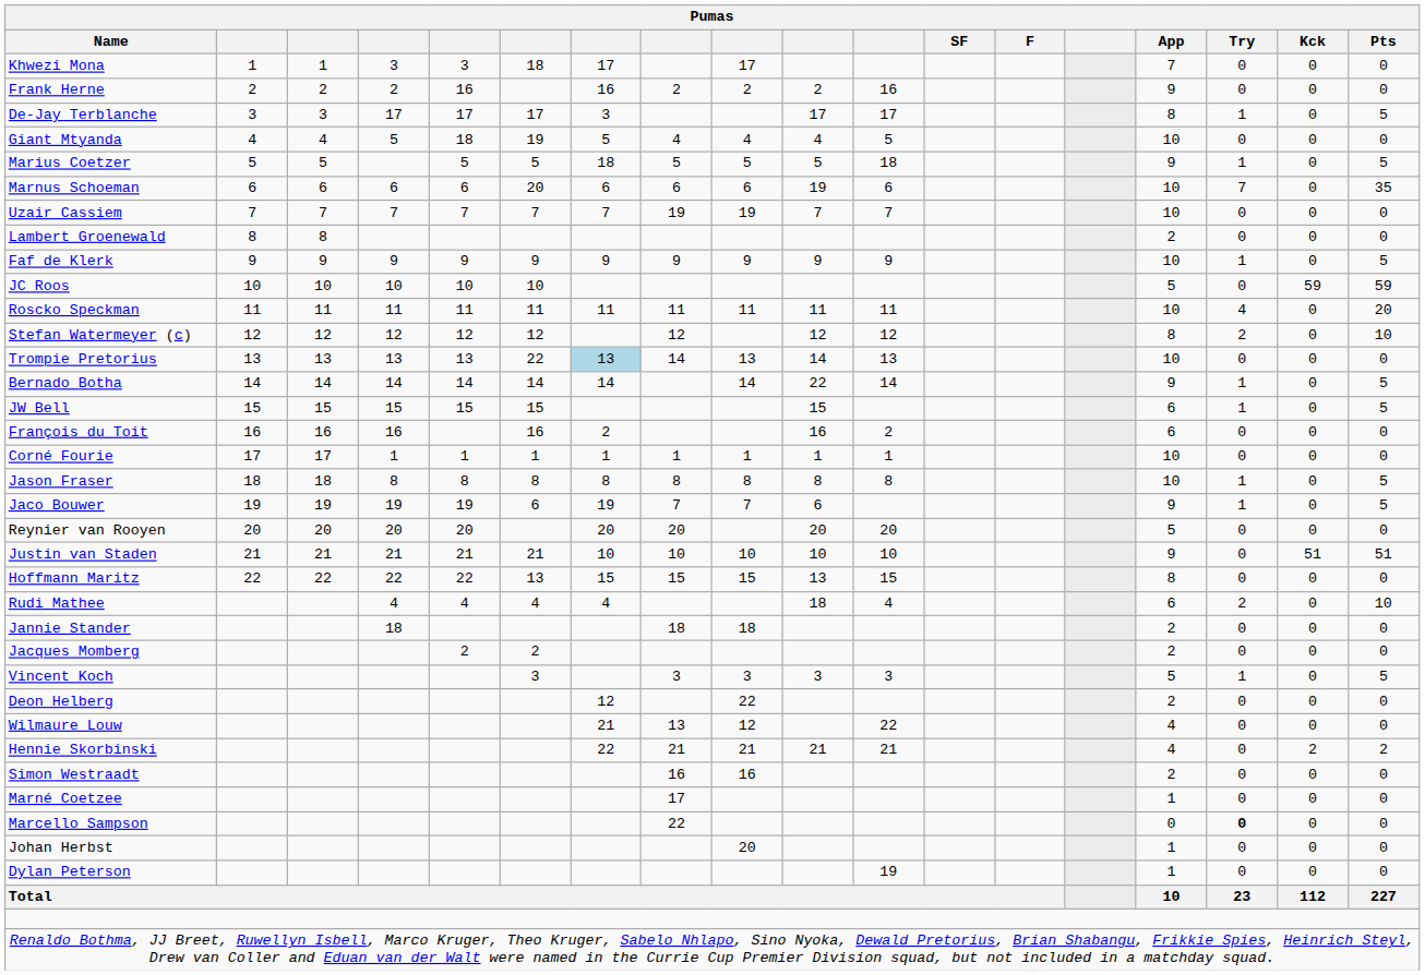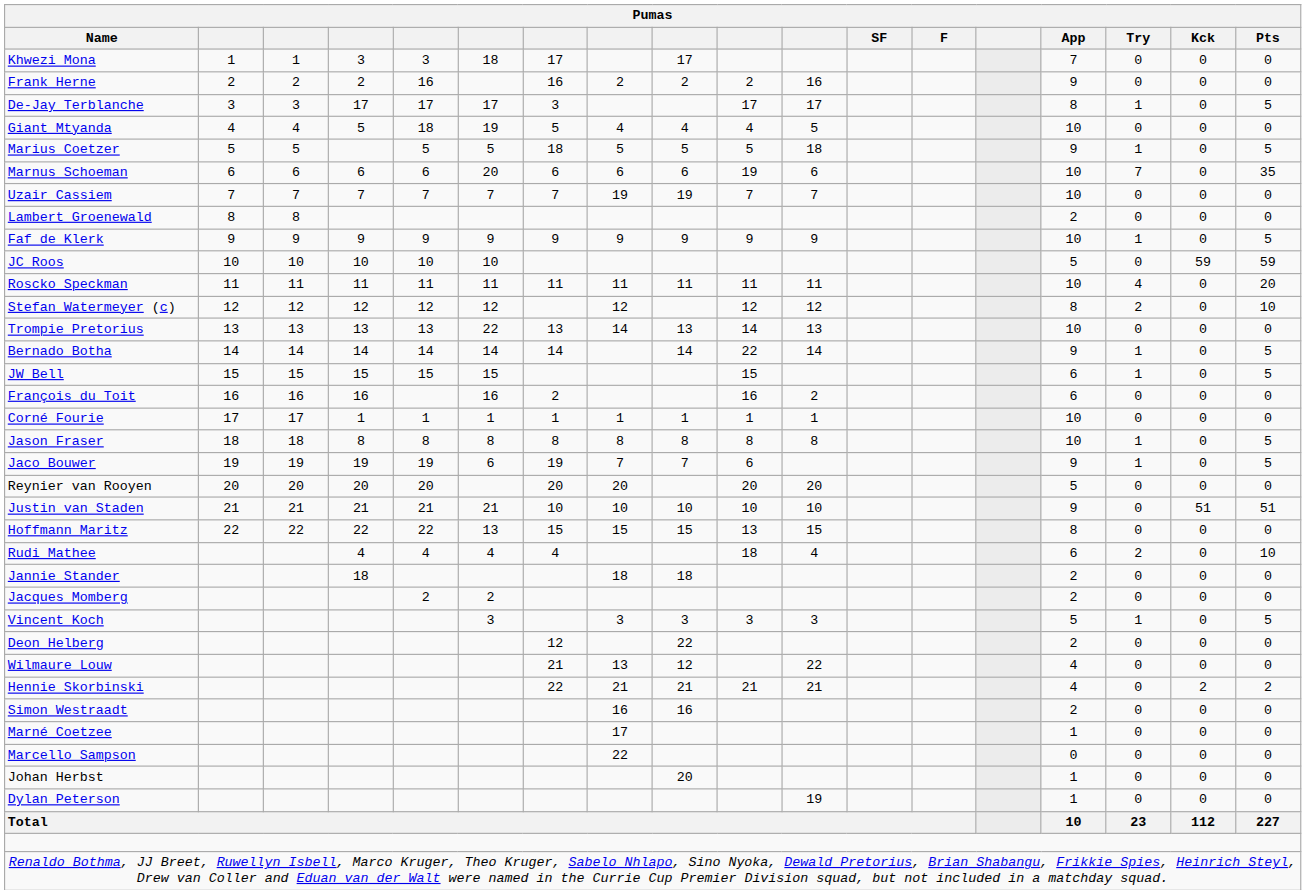 <table class="wikitable collapsible collapsed sortable" style="text-align:center; font-size:90%; width:90%">
 <tr>
 <th colspan="100%">Pumas</th>
 </tr>
 <tr>
 <th style="width:15%;">Name</th>
 <th style="width:5%;"></th>
 <th style="width:5%;"></th>
 <th style="width:5%;"></th>
 <th style="width:5%;"></th>
 <th style="width:5%;"></th>
 <th style="width:5%;"></th>
 <th style="width:5%;"></th>
 <th style="width:5%;"></th>
 <th style="width:5%;"></th>
 <th style="width:5%;"></th>
 <th style="width:5%;">SF</th>
 <th style="width:5%;">F</th>
 <th style="width:5%;"></th>
 <th style="width:5%;">App</th>
 <th style="width:5%;">Try</th>
 <th style="width:5%;">Kck</th>
 <th style="width:5%;">Pts</th>
 </tr>
 <tr>
 <td style="text-align:left;"><a href='#'>Khwezi Mona</a></td>
 <td>1</td>
 <td>1</td>
 <td>3</td>
 <td>3</td>
 <td>18 </td>
 <td>17 </td>
 <td></td>
 <td>17 </td>
 <td></td>
 <td></td>
 <td></td>
 <td></td>
 <td style="background:#ECECEC;"></td>
 <td>7</td>
 <td>0</td>
 <td>0</td>
 <td>0</td>
 </tr>
 <tr>
 <td style="text-align:left;"><a href='#'>Frank Herne</a></td>
 <td>2</td>
 <td>2</td>
 <td>2</td>
 <td>16 </td>
 <td></td>
 <td>16 </td>
 <td>2</td>
 <td>2</td>
 <td>2</td>
 <td>16 </td>
 <td></td>
 <td></td>
 <td style="background:#ECECEC;"></td>
 <td>9</td>
 <td>0</td>
 <td>0</td>
 <td>0</td>
 </tr>
 <tr>
 <td style="text-align:left;"><a href='#'>De-Jay Terblanche</a></td>
 <td>3</td>
 <td>3</td>
 <td>17 </td>
 <td>17 </td>
 <td>17 </td>
 <td>3</td>
 <td></td>
 <td></td>
 <td>17 </td>
 <td>17 </td>
 <td></td>
 <td></td>
 <td style="background:#ECECEC;"></td>
 <td>8</td>
 <td>1</td>
 <td>0</td>
 <td>5</td>
 </tr>
 <tr>
 <td style="text-align:left;"><a href='#'>Giant Mtyanda</a></td>
 <td>4</td>
 <td>4</td>
 <td>5</td>
 <td>18 </td>
 <td>19 </td>
 <td>5</td>
 <td>4</td>
 <td>4</td>
 <td>4</td>
 <td>5</td>
 <td></td>
 <td></td>
 <td style="background:#ECECEC;"></td>
 <td>10</td>
 <td>0</td>
 <td>0</td>
 <td>0</td>
 </tr>
 <tr>
 <td style="text-align:left;"><a href='#'>Marius Coetzer</a></td>
 <td>5</td>
 <td>5</td>
 <td></td>
 <td>5</td>
 <td>5</td>
 <td>18 </td>
 <td>5</td>
 <td>5</td>
 <td>5</td>
 <td>18 </td>
 <td></td>
 <td></td>
 <td style="background:#ECECEC;"></td>
 <td>9</td>
 <td>1</td>
 <td>0</td>
 <td>5</td>
 </tr>
 <tr>
 <td style="text-align:left;"><a href='#'>Marnus Schoeman</a></td>
 <td>6</td>
 <td>6</td>
 <td>6</td>
 <td>6</td>
 <td>20 </td>
 <td>6</td>
 <td>6</td>
 <td>6</td>
 <td>19 </td>
 <td>6</td>
 <td></td>
 <td></td>
 <td style="background:#ECECEC;"></td>
 <td>10</td>
 <td>7</td>
 <td>0</td>
 <td>35</td>
 </tr>
 <tr>
 <td style="text-align:left;"><a href='#'>Uzair Cassiem</a></td>
 <td>7</td>
 <td>7</td>
 <td>7</td>
 <td>7</td>
 <td>7</td>
 <td>7</td>
 <td>19 </td>
 <td>19 </td>
 <td>7</td>
 <td>7</td>
 <td></td>
 <td></td>
 <td style="background:#ECECEC;"></td>
 <td>10</td>
 <td>0</td>
 <td>0</td>
 <td>0</td>
 </tr>
 <tr>
 <td style="text-align:left;"><a href='#'>Lambert Groenewald</a></td>
 <td>8</td>
 <td>8</td>
 <td></td>
 <td></td>
 <td></td>
 <td></td>
 <td></td>
 <td></td>
 <td></td>
 <td></td>
 <td></td>
 <td></td>
 <td style="background:#ECECEC;"></td>
 <td>2</td>
 <td>0</td>
 <td>0</td>
 <td>0</td>
 </tr>
 <tr>
 <td style="text-align:left;"><a href='#'>Faf de Klerk</a></td>
 <td>9</td>
 <td>9</td>
 <td>9</td>
 <td>9</td>
 <td>9</td>
 <td>9</td>
 <td>9</td>
 <td>9</td>
 <td>9</td>
 <td>9</td>
 <td></td>
 <td></td>
 <td style="background:#ECECEC;"></td>
 <td>10</td>
 <td>1</td>
 <td>0</td>
 <td>5</td>
 </tr>
 <tr>
 <td style="text-align:left;"><a href='#'>JC Roos</a></td>
 <td>10</td>
 <td>10</td>
 <td>10</td>
 <td>10</td>
 <td>10</td>
 <td></td>
 <td></td>
 <td></td>
 <td></td>
 <td></td>
 <td></td>
 <td></td>
 <td style="background:#ECECEC;"></td>
 <td>5</td>
 <td>0</td>
 <td>59</td>
 <td>59</td>
 </tr>
 <tr>
 <td style="text-align:left;"><a href='#'>Roscko Speckman</a></td>
 <td>11</td>
 <td>11</td>
 <td>11</td>
 <td>11</td>
 <td>11</td>
 <td>11</td>
 <td>11</td>
 <td>11</td>
 <td>11</td>
 <td>11</td>
 <td></td>
 <td></td>
 <td style="background:#ECECEC;"></td>
 <td>10</td>
 <td>4</td>
 <td>0</td>
 <td>20</td>
 </tr>
 <tr>
 <td style="text-align:left;"><a href='#'>Stefan Watermeyer</a> (<a href='#'>c</a>)</td>
 <td>12</td>
 <td>12</td>
 <td>12</td>
 <td>12</td>
 <td>12</td>
 <td></td>
 <td>12</td>
 <td></td>
 <td>12</td>
 <td>12</td>
 <td></td>
 <td></td>
 <td style="background:#ECECEC;"></td>
 <td>8</td>
 <td>2</td>
 <td>0</td>
 <td>10</td>
 </tr>
 <tr>
 <td style="text-align:left;"><a href='#'>Trompie Pretorius</a></td>
 <td>13</td>
 <td>13</td>
 <td>13</td>
 <td>13</td>
 <td>22 </td>
-<td style="background: lightblue;">13</td>
+<td>13</td>
 <td>14</td>
 <td>13</td>
 <td>14</td>
 <td>13</td>
 <td></td>
 <td></td>
 <td style="background:#ECECEC;"></td>
 <td>10</td>
 <td>0</td>
 <td>0</td>
 <td>0</td>
 </tr>
 <tr>
 <td style="text-align:left;"><a href='#'>Bernado Botha</a></td>
 <td>14</td>
 <td>14</td>
 <td>14</td>
 <td>14</td>
 <td>14</td>
 <td>14</td>
 <td></td>
 <td>14</td>
 <td>22 </td>
 <td>14</td>
 <td></td>
 <td></td>
 <td style="background:#ECECEC;"></td>
 <td>9</td>
 <td>1</td>
 <td>0</td>
 <td>5</td>
 </tr>
 <tr>
 <td style="text-align:left;"><a href='#'>JW Bell</a></td>
 <td>15</td>
 <td>15</td>
 <td>15</td>
 <td>15</td>
 <td>15</td>
 <td></td>
 <td></td>
 <td></td>
 <td>15</td>
 <td></td>
 <td></td>
 <td></td>
 <td style="background:#ECECEC;"></td>
 <td>6</td>
 <td>1</td>
 <td>0</td>
 <td>5</td>
 </tr>
 <tr>
 <td style="text-align:left;"><a href='#'>François du Toit</a></td>
 <td>16 </td>
 <td>16</td>
 <td>16 </td>
 <td></td>
 <td>16 </td>
 <td>2</td>
 <td></td>
 <td></td>
 <td>16 </td>
 <td>2</td>
 <td></td>
 <td></td>
 <td style="background:#ECECEC;"></td>
 <td>6</td>
 <td>0</td>
 <td>0</td>
 <td>0</td>
 </tr>
 <tr>
 <td style="text-align:left;"><a href='#'>Corné Fourie</a></td>
 <td>17 </td>
 <td>17 </td>
 <td>1</td>
 <td>1</td>
 <td>1</td>
 <td>1</td>
 <td>1</td>
 <td>1</td>
 <td>1</td>
 <td>1</td>
 <td></td>
 <td></td>
 <td style="background:#ECECEC;"></td>
 <td>10</td>
 <td>0</td>
 <td>0</td>
 <td>0</td>
 </tr>
 <tr>
 <td style="text-align:left;"><a href='#'>Jason Fraser</a></td>
 <td>18 </td>
 <td>18 </td>
 <td>8</td>
 <td>8</td>
 <td>8</td>
 <td>8</td>
 <td>8</td>
 <td>8</td>
 <td>8</td>
 <td>8</td>
 <td></td>
 <td></td>
 <td style="background:#ECECEC;"></td>
 <td>10</td>
 <td>1</td>
 <td>0</td>
 <td>5</td>
 </tr>
 <tr>
 <td style="text-align:left;"><a href='#'>Jaco Bouwer</a></td>
 <td>19 </td>
 <td>19 </td>
 <td>19 </td>
 <td>19 </td>
 <td>6</td>
 <td>19 </td>
 <td>7</td>
 <td>7</td>
 <td>6</td>
 <td></td>
 <td></td>
 <td></td>
 <td style="background:#ECECEC;"></td>
 <td>9</td>
 <td>1</td>
 <td>0</td>
 <td>5</td>
 </tr>
 <tr>
 <td style="text-align:left;">Reynier van Rooyen</td>
 <td>20 </td>
 <td>20</td>
 <td>20</td>
 <td>20 </td>
 <td></td>
 <td>20 </td>
 <td>20 </td>
 <td></td>
 <td>20</td>
 <td>20 </td>
 <td></td>
 <td></td>
 <td style="background:#ECECEC;"></td>
 <td>5</td>
 <td>0</td>
 <td>0</td>
 <td>0</td>
 </tr>
 <tr>
 <td style="text-align:left;"><a href='#'>Justin van Staden</a></td>
 <td>21</td>
 <td>21 </td>
 <td>21 </td>
 <td>21 </td>
 <td>21 </td>
 <td>10</td>
 <td>10</td>
 <td>10</td>
 <td>10</td>
 <td>10</td>
 <td></td>
 <td></td>
 <td style="background:#ECECEC;"></td>
 <td>9</td>
 <td>0</td>
 <td>51</td>
 <td>51</td>
 </tr>
 <tr>
 <td style="text-align:left;"><a href='#'>Hoffmann Maritz</a></td>
 <td>22</td>
 <td>22</td>
 <td>22 </td>
 <td>22 </td>
 <td>13</td>
 <td>15</td>
 <td>15</td>
 <td>15</td>
 <td>13</td>
 <td>15</td>
 <td></td>
 <td></td>
 <td style="background:#ECECEC;"></td>
 <td>8</td>
 <td>0</td>
 <td>0</td>
 <td>0</td>
 </tr>
 <tr>
 <td style="text-align:left;"><a href='#'>Rudi Mathee</a></td>
 <td></td>
 <td></td>
 <td>4</td>
 <td>4</td>
 <td>4</td>
 <td>4</td>
 <td></td>
 <td></td>
 <td>18 </td>
 <td>4</td>
 <td></td>
 <td></td>
 <td style="background:#ECECEC;"></td>
 <td>6</td>
 <td>2</td>
 <td>0</td>
 <td>10</td>
 </tr>
 <tr>
 <td style="text-align:left;"><a href='#'>Jannie Stander</a></td>
 <td></td>
 <td></td>
 <td>18</td>
 <td></td>
 <td></td>
 <td></td>
 <td>18 </td>
 <td>18 </td>
 <td></td>
 <td></td>
 <td></td>
 <td></td>
 <td style="background:#ECECEC;"></td>
 <td>2</td>
 <td>0</td>
 <td>0</td>
 <td>0</td>
 </tr>
 <tr>
 <td style="text-align:left;"><a href='#'>Jacques Momberg</a></td>
 <td></td>
 <td></td>
 <td></td>
 <td>2</td>
 <td>2</td>
 <td></td>
 <td></td>
 <td></td>
 <td></td>
 <td></td>
 <td></td>
 <td></td>
 <td style="background:#ECECEC;"></td>
 <td>2</td>
 <td>0</td>
 <td>0</td>
 <td>0</td>
 </tr>
 <tr>
 <td style="text-align:left;"><a href='#'>Vincent Koch</a></td>
 <td></td>
 <td></td>
 <td></td>
 <td></td>
 <td>3</td>
 <td></td>
 <td>3</td>
 <td>3</td>
 <td>3</td>
 <td>3</td>
 <td></td>
 <td></td>
 <td style="background:#ECECEC;"></td>
 <td>5</td>
 <td>1</td>
 <td>0</td>
 <td>5</td>
 </tr>
 <tr>
 <td style="text-align:left;"><a href='#'>Deon Helberg</a></td>
 <td></td>
 <td></td>
 <td></td>
 <td></td>
 <td></td>
 <td>12</td>
 <td></td>
 <td>22 </td>
 <td></td>
 <td></td>
 <td></td>
 <td></td>
 <td style="background:#ECECEC;"></td>
 <td>2</td>
 <td>0</td>
 <td>0</td>
 <td>0</td>
 </tr>
 <tr>
 <td style="text-align:left;"><a href='#'>Wilmaure Louw</a></td>
 <td></td>
 <td></td>
 <td></td>
 <td></td>
 <td></td>
 <td>21 </td>
 <td>13</td>
 <td>12</td>
 <td></td>
 <td>22 </td>
 <td></td>
 <td></td>
 <td style="background:#ECECEC;"></td>
 <td>4</td>
 <td>0</td>
 <td>0</td>
 <td>0</td>
 </tr>
 <tr>
 <td style="text-align:left;"><a href='#'>Hennie Skorbinski</a></td>
 <td></td>
 <td></td>
 <td></td>
 <td></td>
 <td></td>
 <td>22 </td>
 <td>21</td>
 <td>21 </td>
 <td>21 </td>
 <td>21 </td>
 <td></td>
 <td></td>
 <td style="background:#ECECEC;"></td>
 <td>4</td>
 <td>0</td>
 <td>2</td>
 <td>2</td>
 </tr>
 <tr>
 <td style="text-align:left;"><a href='#'>Simon Westraadt</a></td>
 <td></td>
 <td></td>
 <td></td>
 <td></td>
 <td></td>
 <td></td>
 <td>16 </td>
 <td>16 </td>
 <td></td>
 <td></td>
 <td></td>
 <td></td>
 <td style="background:#ECECEC;"></td>
 <td>2</td>
 <td>0</td>
 <td>0</td>
 <td>0</td>
 </tr>
 <tr>
 <td style="text-align:left;"><a href='#'>Marné Coetzee</a></td>
 <td></td>
 <td></td>
 <td></td>
 <td></td>
 <td></td>
 <td></td>
 <td>17 </td>
 <td></td>
 <td></td>
 <td></td>
 <td></td>
 <td></td>
 <td style="background:#ECECEC;"></td>
 <td>1</td>
 <td>0</td>
 <td>0</td>
 <td>0</td>
 </tr>
 <tr>
 <td style="text-align:left;"><a href='#'>Marcello Sampson</a></td>
 <td></td>
 <td></td>
 <td></td>
 <td></td>
 <td></td>
 <td></td>
 <td>22</td>
 <td></td>
 <td></td>
 <td></td>
 <td></td>
 <td></td>
 <td style="background:#ECECEC;"></td>
 <td>0</td>
-<td><strong>0</strong></td>
+<td>0</td>
 <td>0</td>
 <td>0</td>
 </tr>
 <tr>
 <td style="text-align:left;">Johan Herbst</td>
 <td></td>
 <td></td>
 <td></td>
 <td></td>
 <td></td>
 <td></td>
 <td></td>
 <td>20 </td>
 <td></td>
 <td></td>
 <td></td>
 <td></td>
 <td style="background:#ECECEC;"></td>
 <td>1</td>
 <td>0</td>
 <td>0</td>
 <td>0</td>
 </tr>
 <tr>
 <td style="text-align:left;"><a href='#'>Dylan Peterson</a></td>
 <td></td>
 <td></td>
 <td></td>
 <td></td>
 <td></td>
 <td></td>
 <td></td>
 <td></td>
 <td></td>
 <td>19 </td>
 <td></td>
 <td></td>
 <td style="background:#ECECEC;"></td>
 <td>1</td>
 <td>0</td>
 <td>0</td>
 <td>0</td>
 </tr>
 <tr>
 <th colspan="13" style="text-align:left;">Total</th>
 <th style="background:#ECECEC;"></th>
 <th>10</th>
 <th>23</th>
 <th>112</th>
 <th>227</th>
 </tr>
 <tr>
 <td colspan="100%" style="height: 10px;"></td>
 </tr>
 <tr>
 <td colspan="100%" style="text-align:center;"><em><a href='#'>Renaldo Bothma</a>, JJ Breet, <a href='#'>Ruwellyn Isbell</a>, Marco Kruger, Theo Kruger, <a href='#'>Sabelo Nhlapo</a>, Sino Nyoka, <a href='#'>Dewald Pretorius</a>, <a href='#'>Brian Shabangu</a>, <a href='#'>Frikkie Spies</a>, <a href='#'>Heinrich Steyl</a>, Drew van Coller and <a href='#'>Eduan van der Walt</a> were named in the Currie Cup Premier Division squad, but not included in a matchday squad.</em></td>
 </tr>
 </table>
